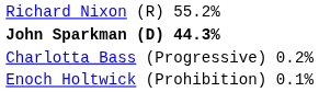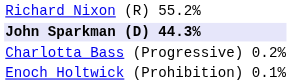 <table>
 <tr>
 <td><a href='#'>Richard Nixon</a> (R) 55.2%</td>
 </tr>
 <tr>
-<td><strong>John Sparkman (D) 44.3%</strong></td>
+<td style="background: lavender;"><strong>John Sparkman (D) 44.3%</strong></td>
 </tr>
 <tr>
 <td><a href='#'>Charlotta Bass</a> (Progressive) 0.2%</td>
 </tr>
 <tr>
 <td><a href='#'>Enoch Holtwick</a> (Prohibition) 0.1%</td>
 </tr>
 </table>
